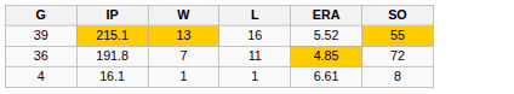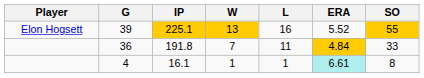 <table class="wikitable sortable">
 <tr>
+<th bgcolor="#DDDDFF" width="16%">Player</th>
 <th bgcolor="#DDDDFF" width="9%">G</th>
 <th bgcolor="#DDDDFF" width="9%">IP</th>
 <th bgcolor="#DDDDFF" width="9%">W</th>
 <th bgcolor="#DDDDFF" width="9%">L</th>
 <th bgcolor="#DDDDFF" width="9%">ERA</th>
 <th bgcolor="#DDDDFF" width="9%">SO</th>
 </tr>
 <tr align="center">
+<td><a href='#'>Elon Hogsett</a></td>
 <td>39</td>
-<td style="background:#fc0;">215.1</td>
+<td style="background:#fc0;">225.1</td>
 <td style="background:#fc0;">13</td>
 <td>16</td>
 <td>5.52</td>
 <td style="background:#fc0;">55</td>
 </tr>
 <tr align=center>
+<td></td>
 <td>36</td>
 <td>191.8</td>
 <td>7</td>
 <td>11</td>
-<td style="background:#fc0;">4.85</td>
-<td>72</td>
+<td style="background:#fc0;">4.84</td>
+<td>33</td>
 </tr>
 <tr align="center">
+<td></td>
 <td>4</td>
 <td>16.1</td>
 <td>1</td>
 <td>1</td>
-<td>6.61</td>
+<td style="background: paleturquoise;">6.61</td>
 <td>8</td>
 </tr>
 </table>
